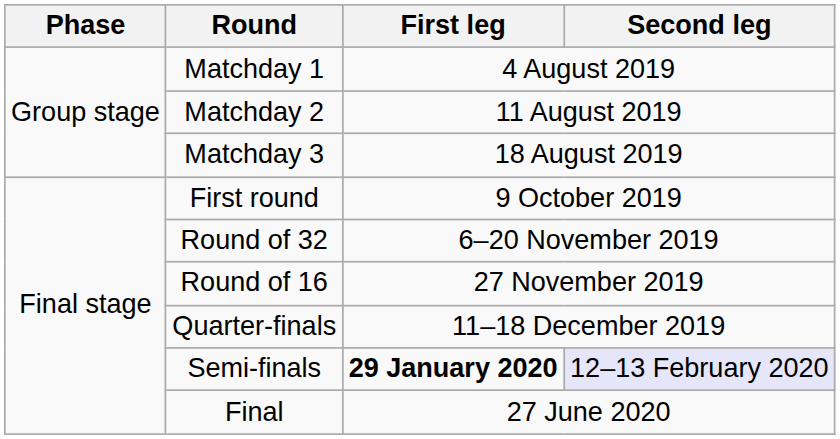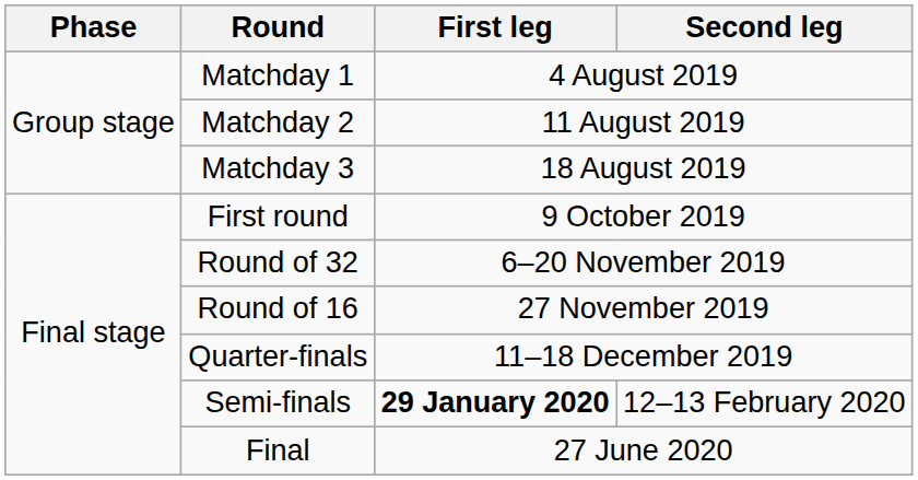 <table class="wikitable" style="text-align: center">
 <tr>
 <th>Phase</th>
 <th>Round</th>
 <th>First leg</th>
 <th>Second leg</th>
 </tr>
 <tr>
 <td rowspan="3">Group stage</td>
 <td>Matchday 1</td>
 <td colspan="2">4 August 2019</td>
 </tr>
 <tr>
 <td>Matchday 2</td>
 <td colspan="2">11 August 2019</td>
 </tr>
 <tr>
 <td>Matchday 3</td>
 <td colspan="2">18 August 2019</td>
 </tr>
 <tr>
 <td rowspan="6">Final stage</td>
 <td>First round</td>
 <td colspan="2">9 October 2019</td>
 </tr>
 <tr>
 <td>Round of 32</td>
 <td colspan="2">6–20 November 2019</td>
 </tr>
 <tr>
 <td>Round of 16</td>
 <td colspan="2">27 November 2019</td>
 </tr>
 <tr>
 <td>Quarter-finals</td>
 <td colspan="2">11–18 December 2019</td>
 </tr>
 <tr>
 <td>Semi-finals</td>
 <td><strong>29 January 2020</strong></td>
-<td style="background: lavender;">12–13 February 2020</td>
+<td>12–13 February 2020</td>
 </tr>
 <tr>
 <td>Final</td>
 <td colspan="2">27 June 2020</td>
 </tr>
 </table>
